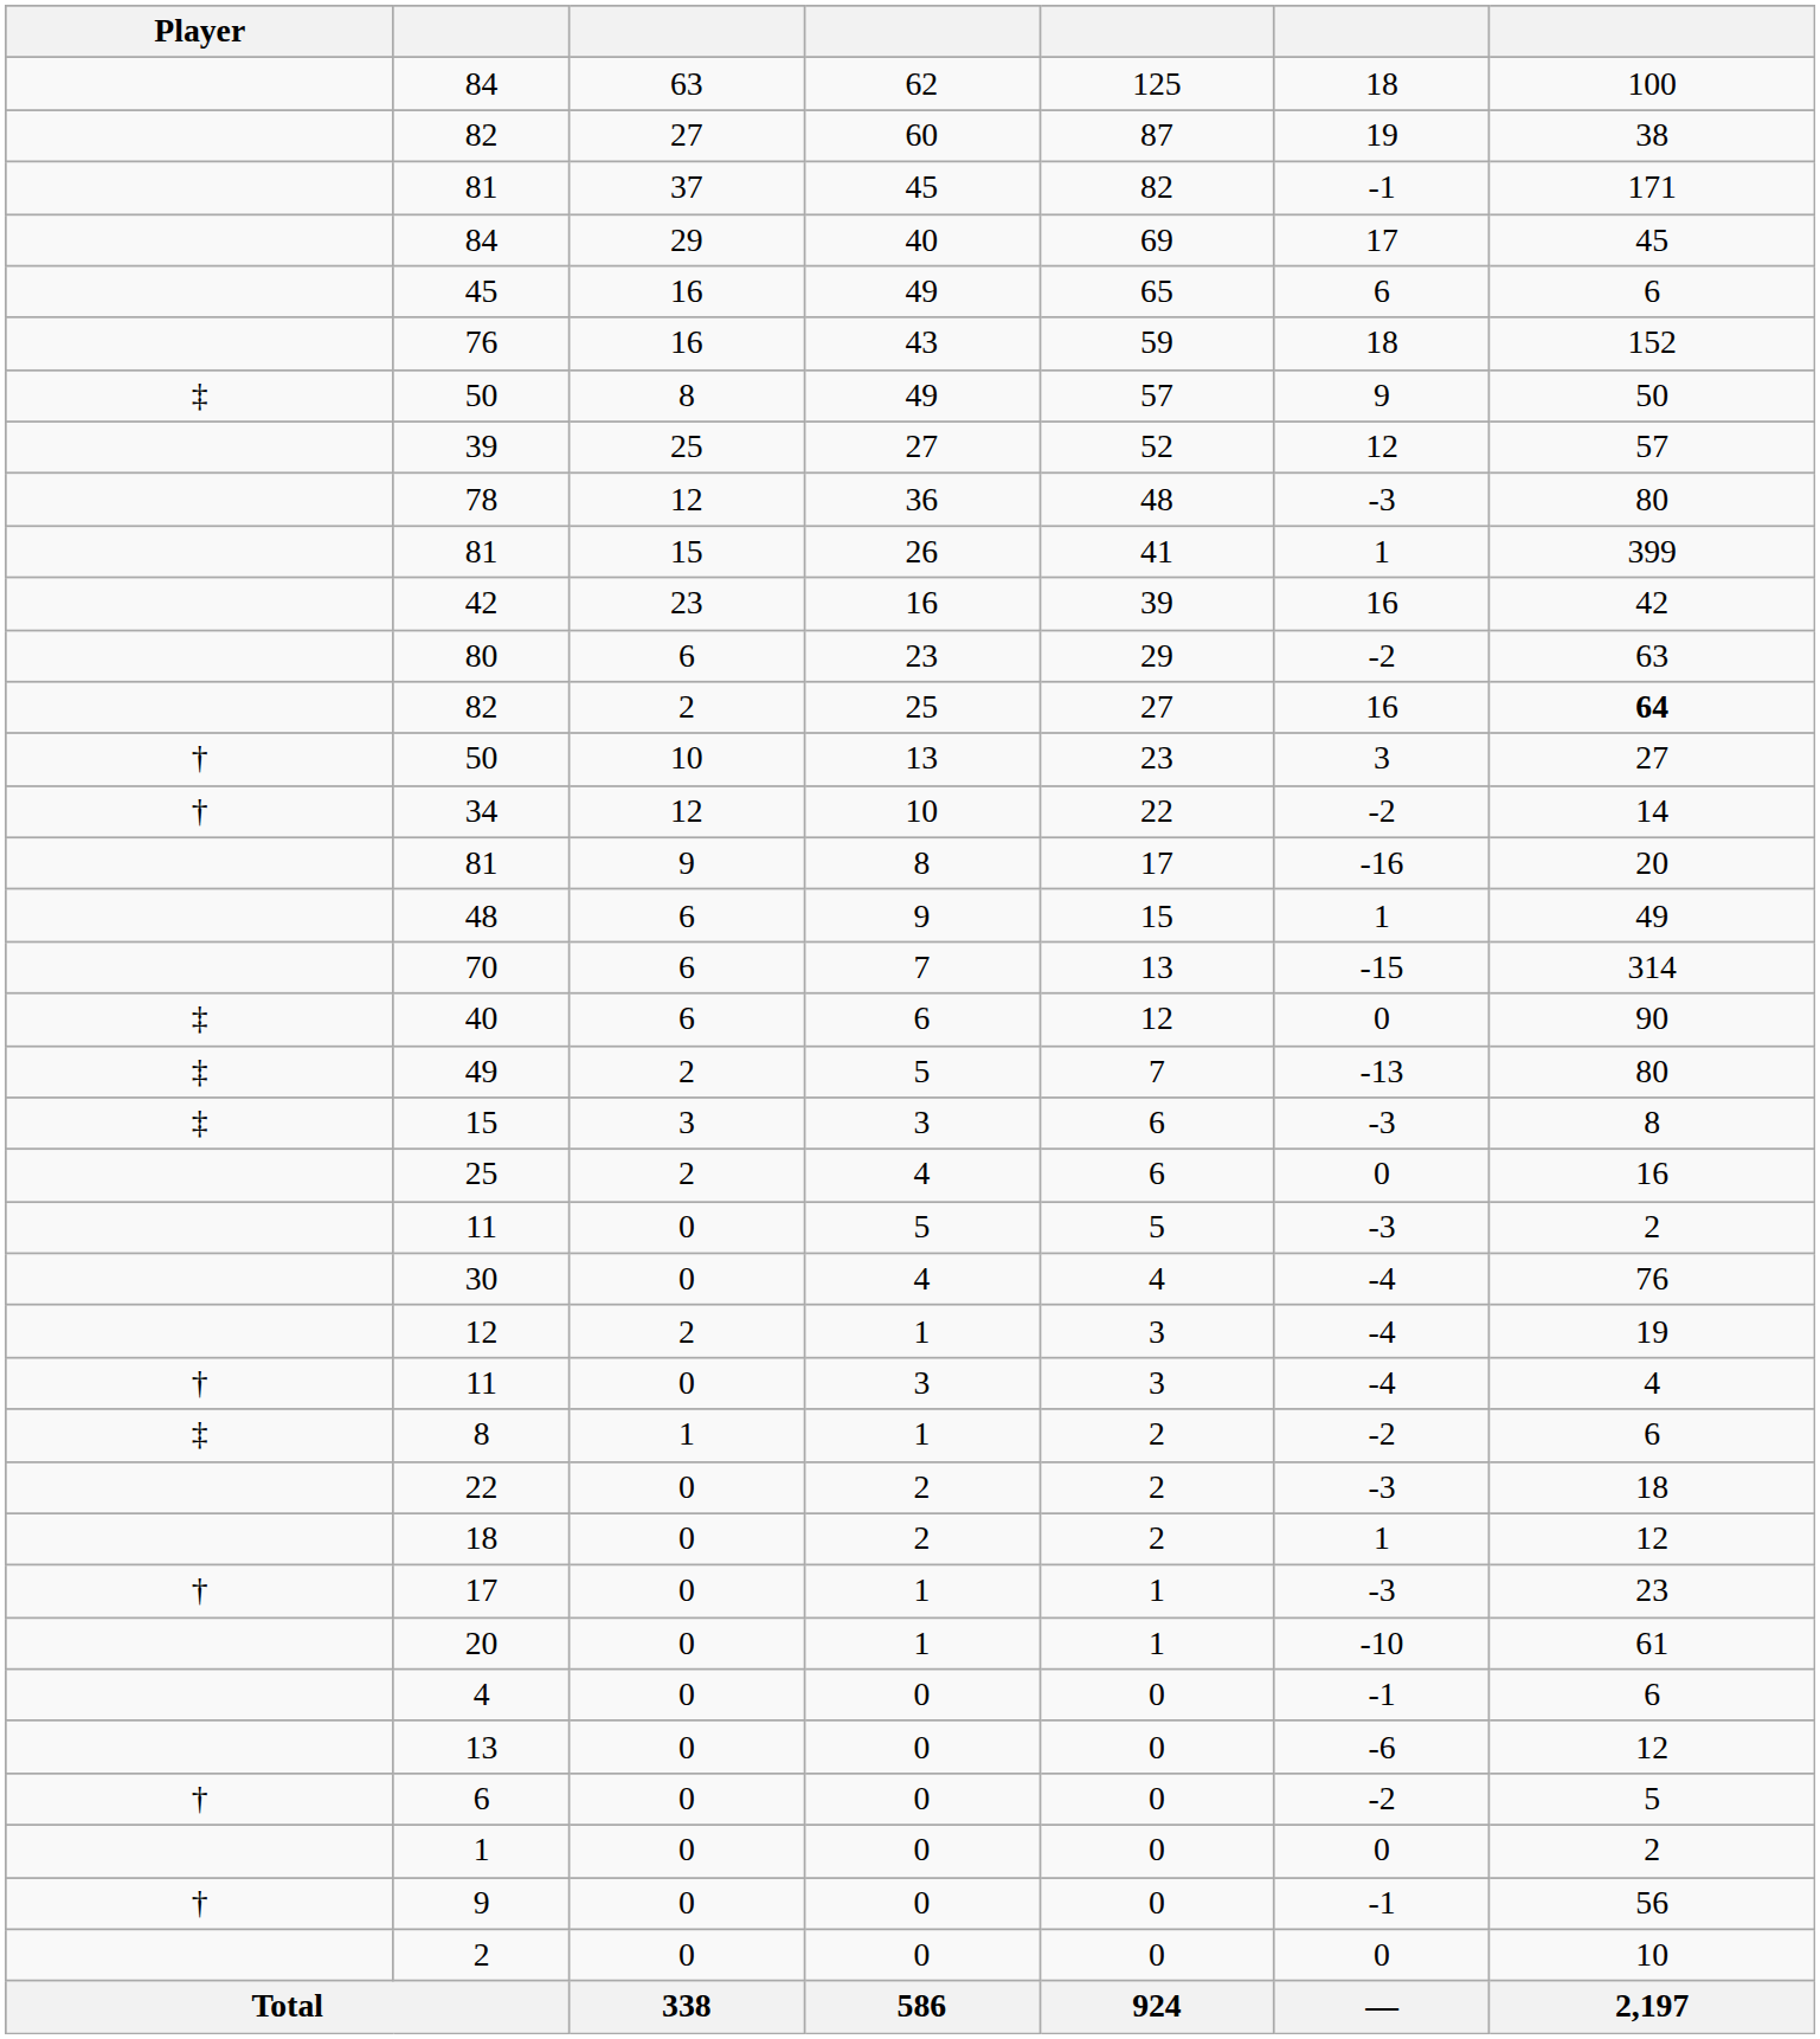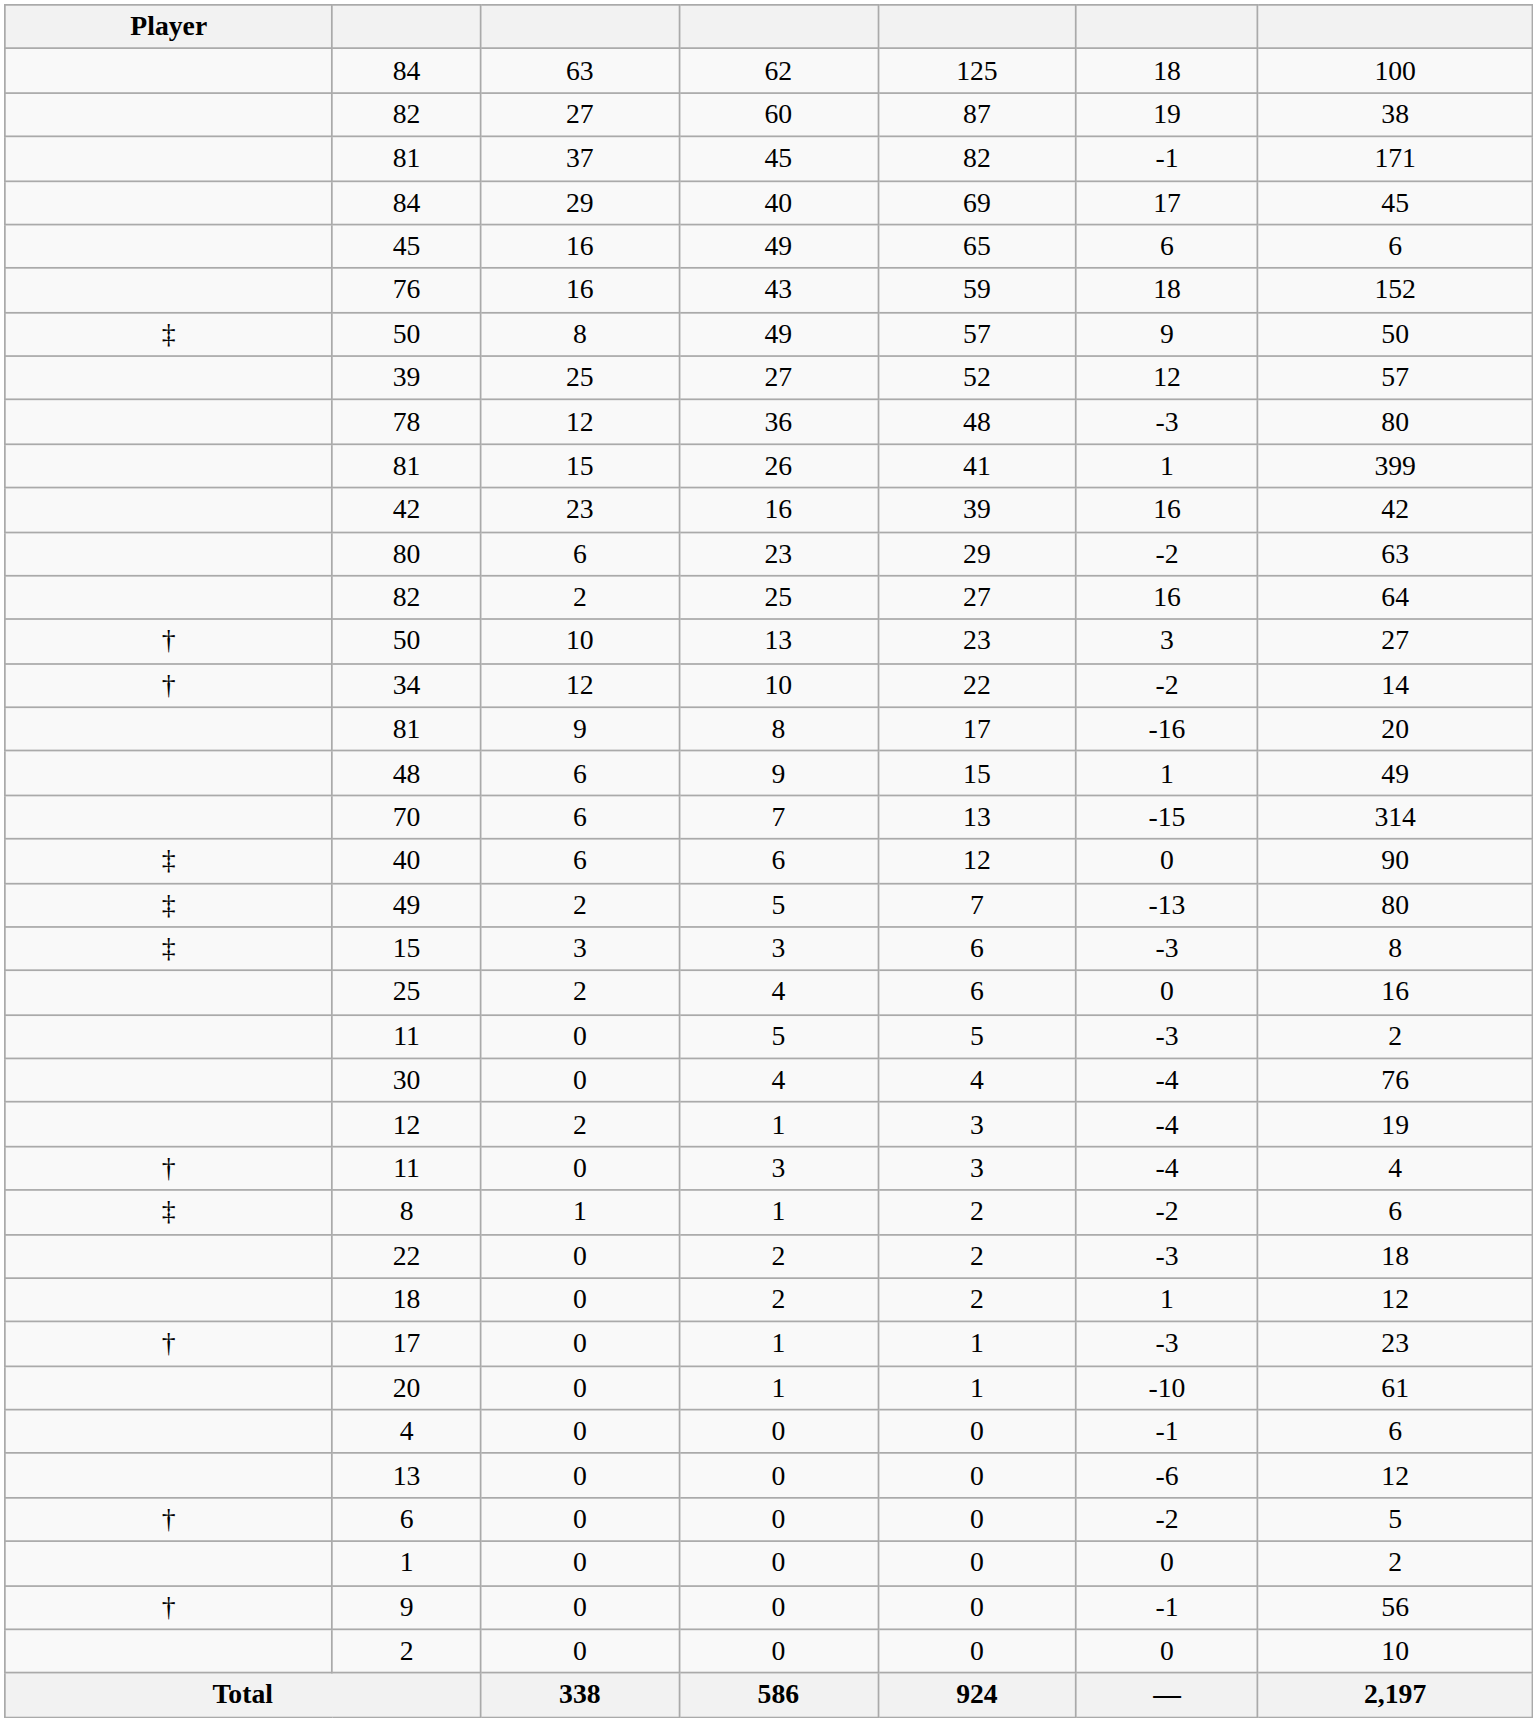 <table class="wikitable sortable" style="width:100%;">
 <tr align=center>
 <th>Player</th>
 <th></th>
 <th></th>
 <th></th>
 <th></th>
 <th data-sort-type="number"></th>
 <th></th>
 </tr>
 <tr align=center>
 <td></td>
 <td>84</td>
 <td>63</td>
 <td>62</td>
 <td>125</td>
 <td>18</td>
 <td>100</td>
 </tr>
 <tr align=center>
 <td></td>
 <td>82</td>
 <td>27</td>
 <td>60</td>
 <td>87</td>
 <td>19</td>
 <td>38</td>
 </tr>
 <tr align=center>
 <td></td>
 <td>81</td>
 <td>37</td>
 <td>45</td>
 <td>82</td>
 <td>-1</td>
 <td>171</td>
 </tr>
 <tr align=center>
 <td></td>
 <td>84</td>
 <td>29</td>
 <td>40</td>
 <td>69</td>
 <td>17</td>
 <td>45</td>
 </tr>
 <tr align=center>
 <td></td>
 <td>45</td>
 <td>16</td>
 <td>49</td>
 <td>65</td>
 <td>6</td>
 <td>6</td>
 </tr>
 <tr align=center>
 <td></td>
 <td>76</td>
 <td>16</td>
 <td>43</td>
 <td>59</td>
 <td>18</td>
 <td>152</td>
 </tr>
 <tr align=center>
 <td> ‡</td>
 <td>50</td>
 <td>8</td>
 <td>49</td>
 <td>57</td>
 <td>9</td>
 <td>50</td>
 </tr>
 <tr align=center>
 <td></td>
 <td>39</td>
 <td>25</td>
 <td>27</td>
 <td>52</td>
 <td>12</td>
 <td>57</td>
 </tr>
 <tr align=center>
 <td></td>
 <td>78</td>
 <td>12</td>
 <td>36</td>
 <td>48</td>
 <td>-3</td>
 <td>80</td>
 </tr>
 <tr align=center>
 <td></td>
 <td>81</td>
 <td>15</td>
 <td>26</td>
 <td>41</td>
 <td>1</td>
 <td>399</td>
 </tr>
 <tr align=center>
 <td></td>
 <td>42</td>
 <td>23</td>
 <td>16</td>
 <td>39</td>
 <td>16</td>
 <td>42</td>
 </tr>
 <tr align=center>
 <td></td>
 <td>80</td>
 <td>6</td>
 <td>23</td>
 <td>29</td>
 <td>-2</td>
 <td>63</td>
 </tr>
 <tr align=center>
 <td></td>
 <td>82</td>
 <td>2</td>
 <td>25</td>
 <td>27</td>
 <td>16</td>
-<td><strong>64</strong></td>
+<td>64</td>
 </tr>
 <tr align=center>
 <td> †</td>
 <td>50</td>
 <td>10</td>
 <td>13</td>
 <td>23</td>
 <td>3</td>
 <td>27</td>
 </tr>
 <tr align=center>
 <td> †</td>
 <td>34</td>
 <td>12</td>
 <td>10</td>
 <td>22</td>
 <td>-2</td>
 <td>14</td>
 </tr>
 <tr align=center>
 <td></td>
 <td>81</td>
 <td>9</td>
 <td>8</td>
 <td>17</td>
 <td>-16</td>
 <td>20</td>
 </tr>
 <tr align=center>
 <td></td>
 <td>48</td>
 <td>6</td>
 <td>9</td>
 <td>15</td>
 <td>1</td>
 <td>49</td>
 </tr>
 <tr align=center>
 <td></td>
 <td>70</td>
 <td>6</td>
 <td>7</td>
 <td>13</td>
 <td>-15</td>
 <td>314</td>
 </tr>
 <tr align=center>
 <td> ‡</td>
 <td>40</td>
 <td>6</td>
 <td>6</td>
 <td>12</td>
 <td>0</td>
 <td>90</td>
 </tr>
 <tr align=center>
 <td> ‡</td>
 <td>49</td>
 <td>2</td>
 <td>5</td>
 <td>7</td>
 <td>-13</td>
 <td>80</td>
 </tr>
 <tr align=center>
 <td> ‡</td>
 <td>15</td>
 <td>3</td>
 <td>3</td>
 <td>6</td>
 <td>-3</td>
 <td>8</td>
 </tr>
 <tr align=center>
 <td></td>
 <td>25</td>
 <td>2</td>
 <td>4</td>
 <td>6</td>
 <td>0</td>
 <td>16</td>
 </tr>
 <tr align=center>
 <td></td>
 <td>11</td>
 <td>0</td>
 <td>5</td>
 <td>5</td>
 <td>-3</td>
 <td>2</td>
 </tr>
 <tr align=center>
 <td></td>
 <td>30</td>
 <td>0</td>
 <td>4</td>
 <td>4</td>
 <td>-4</td>
 <td>76</td>
 </tr>
 <tr align=center>
 <td></td>
 <td>12</td>
 <td>2</td>
 <td>1</td>
 <td>3</td>
 <td>-4</td>
 <td>19</td>
 </tr>
 <tr align=center>
 <td> †</td>
 <td>11</td>
 <td>0</td>
 <td>3</td>
 <td>3</td>
 <td>-4</td>
 <td>4</td>
 </tr>
 <tr align=center>
 <td> ‡</td>
 <td>8</td>
 <td>1</td>
 <td>1</td>
 <td>2</td>
 <td>-2</td>
 <td>6</td>
 </tr>
 <tr align=center>
 <td></td>
 <td>22</td>
 <td>0</td>
 <td>2</td>
 <td>2</td>
 <td>-3</td>
 <td>18</td>
 </tr>
 <tr align=center>
 <td></td>
 <td>18</td>
 <td>0</td>
 <td>2</td>
 <td>2</td>
 <td>1</td>
 <td>12</td>
 </tr>
 <tr align=center>
 <td> †</td>
 <td>17</td>
 <td>0</td>
 <td>1</td>
 <td>1</td>
 <td>-3</td>
 <td>23</td>
 </tr>
 <tr align=center>
 <td></td>
 <td>20</td>
 <td>0</td>
 <td>1</td>
 <td>1</td>
 <td>-10</td>
 <td>61</td>
 </tr>
 <tr align=center>
 <td></td>
 <td>4</td>
 <td>0</td>
 <td>0</td>
 <td>0</td>
 <td>-1</td>
 <td>6</td>
 </tr>
 <tr align=center>
 <td></td>
 <td>13</td>
 <td>0</td>
 <td>0</td>
 <td>0</td>
 <td>-6</td>
 <td>12</td>
 </tr>
 <tr align=center>
 <td> †</td>
 <td>6</td>
 <td>0</td>
 <td>0</td>
 <td>0</td>
 <td>-2</td>
 <td>5</td>
 </tr>
 <tr align=center>
 <td></td>
 <td>1</td>
 <td>0</td>
 <td>0</td>
 <td>0</td>
 <td>0</td>
 <td>2</td>
 </tr>
 <tr align=center>
 <td> †</td>
 <td>9</td>
 <td>0</td>
 <td>0</td>
 <td>0</td>
 <td>-1</td>
 <td>56</td>
 </tr>
 <tr align=center>
 <td></td>
 <td>2</td>
 <td>0</td>
 <td>0</td>
 <td>0</td>
 <td>0</td>
 <td>10</td>
 </tr>
 <tr class="sortbotom">
 <th colspan=2>Total</th>
 <th>338</th>
 <th>586</th>
 <th>924</th>
 <th>—</th>
 <th>2,197</th>
 </tr>
 </table>
